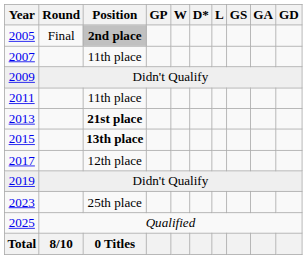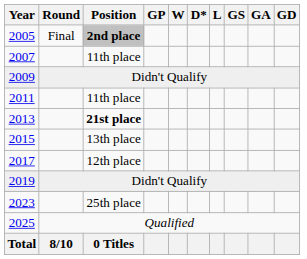 <table class="wikitable" style="text-align: center;">
 <tr>
 <th>Year</th>
 <th>Round</th>
 <th>Position</th>
 <th>GP</th>
 <th>W</th>
 <th>D*</th>
 <th>L</th>
 <th>GS</th>
 <th>GA</th>
 <th>GD</th>
 </tr>
 <tr bgcolor=>
 <td> <a href='#'>2005</a></td>
 <td>Final</td>
 <td bgcolor=silver><strong>2nd place</strong></td>
 <td></td>
 <td></td>
 <td></td>
 <td></td>
 <td></td>
 <td></td>
 <td></td>
 </tr>
 <tr bgcolor=>
 <td> <a href='#'>2007</a></td>
 <td></td>
 <td>11th place</td>
 <td></td>
 <td></td>
 <td></td>
 <td></td>
 <td></td>
 <td></td>
 <td></td>
 </tr>
 <tr bgcolor=efefef>
 <td> <a href='#'>2009</a></td>
 <td colspan=9 rowspan=1>Didn't Qualify</td>
 </tr>
 <tr bgcolor=>
 <td> <a href='#'>2011</a></td>
 <td></td>
 <td>11th place</td>
 <td></td>
 <td></td>
 <td></td>
 <td></td>
 <td></td>
 <td></td>
 <td></td>
 </tr>
 <tr bgcolor=>
 <td> <a href='#'>2013</a></td>
 <td></td>
 <td><strong>21st place</strong></td>
 <td></td>
 <td></td>
 <td></td>
 <td></td>
 <td></td>
 <td></td>
 <td></td>
 </tr>
 <tr bgcolor=>
 <td> <a href='#'>2015</a></td>
 <td></td>
-<td><strong>13th place</strong></td>
+<td>13th place</td>
 <td></td>
 <td></td>
 <td></td>
 <td></td>
 <td></td>
 <td></td>
 <td></td>
 </tr>
 <tr bgcolor=>
 <td> <a href='#'>2017</a></td>
 <td></td>
 <td>12th place</td>
 <td></td>
 <td></td>
 <td></td>
 <td></td>
 <td></td>
 <td></td>
 <td></td>
 </tr>
 <tr bgcolor=efefef>
 <td> <a href='#'>2019</a></td>
 <td colspan=9 rowspan=1>Didn't Qualify</td>
 </tr>
 <tr bgcolor=>
 <td> <a href='#'>2023</a></td>
 <td></td>
 <td>25th place</td>
 <td></td>
 <td></td>
 <td></td>
 <td></td>
 <td></td>
 <td></td>
 <td></td>
 </tr>
 <tr bgcolor=>
 <td> <a href='#'>2025</a></td>
 <td colspan=9><em>Qualified</em></td>
 </tr>
 <tr>
 <th>Total</th>
 <th>8/10</th>
 <th>0 Titles</th>
 <th></th>
 <th></th>
 <th></th>
 <th></th>
 <th></th>
 <th></th>
 <th></th>
 </tr>
 </table>
